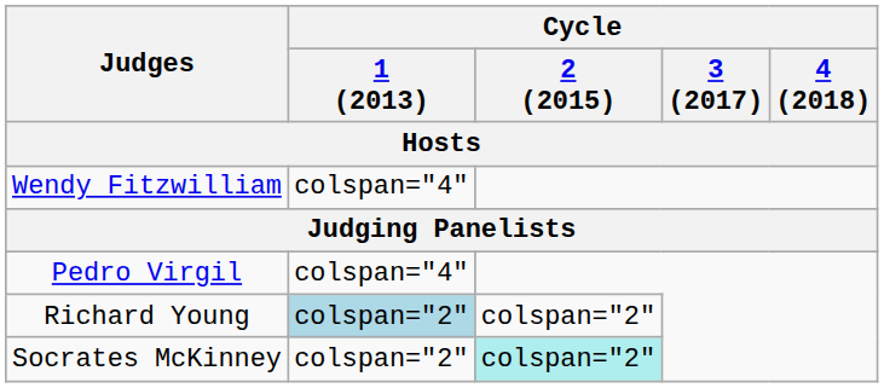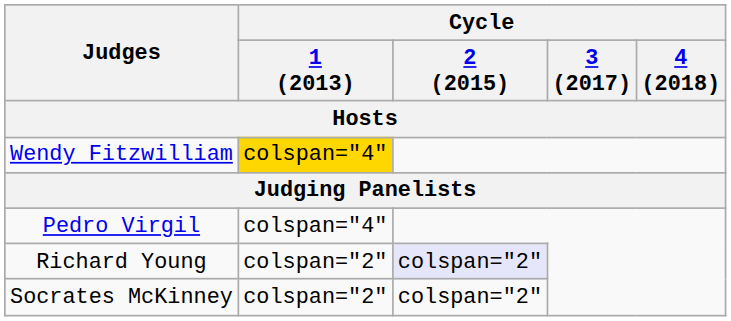 <table class="wikitable" style="text-align:center;">
 <tr>
 <th rowspan="2">Judges</th>
 <th colspan="4">Cycle</th>
 </tr>
 <tr>
 <th><a href='#'>1</a><br> (2013)</th>
 <th><a href='#'>2</a><br> (2015)</th>
 <th><a href='#'>3</a><br> (2017)</th>
 <th><a href='#'>4</a><br> (2018)</th>
 </tr>
 <tr>
 <th scope="col" colspan="5">Hosts</th>
 </tr>
 <tr>
 <td scope="row"><a href='#'>Wendy Fitzwilliam</a></td>
-<td>colspan="4" </td>
+<td style="background: gold;">colspan="4" </td>
 </tr>
 <tr>
 <th scope="col" colspan="5">Judging Panelists</th>
 </tr>
 <tr>
 <td scope="row"><a href='#'>Pedro Virgil</a></td>
 <td>colspan="4" </td>
 </tr>
 <tr>
 <td scope="row">Richard Young</td>
-<td style="background: lightblue;">colspan="2" </td>
 <td>colspan="2" </td>
+<td style="background: lavender;">colspan="2" </td>
 </tr>
 <tr>
 <td scope="row">Socrates McKinney</td>
 <td>colspan="2" </td>
-<td style="background: paleturquoise;">colspan="2" </td>
+<td>colspan="2" </td>
 </tr>
 </table>
